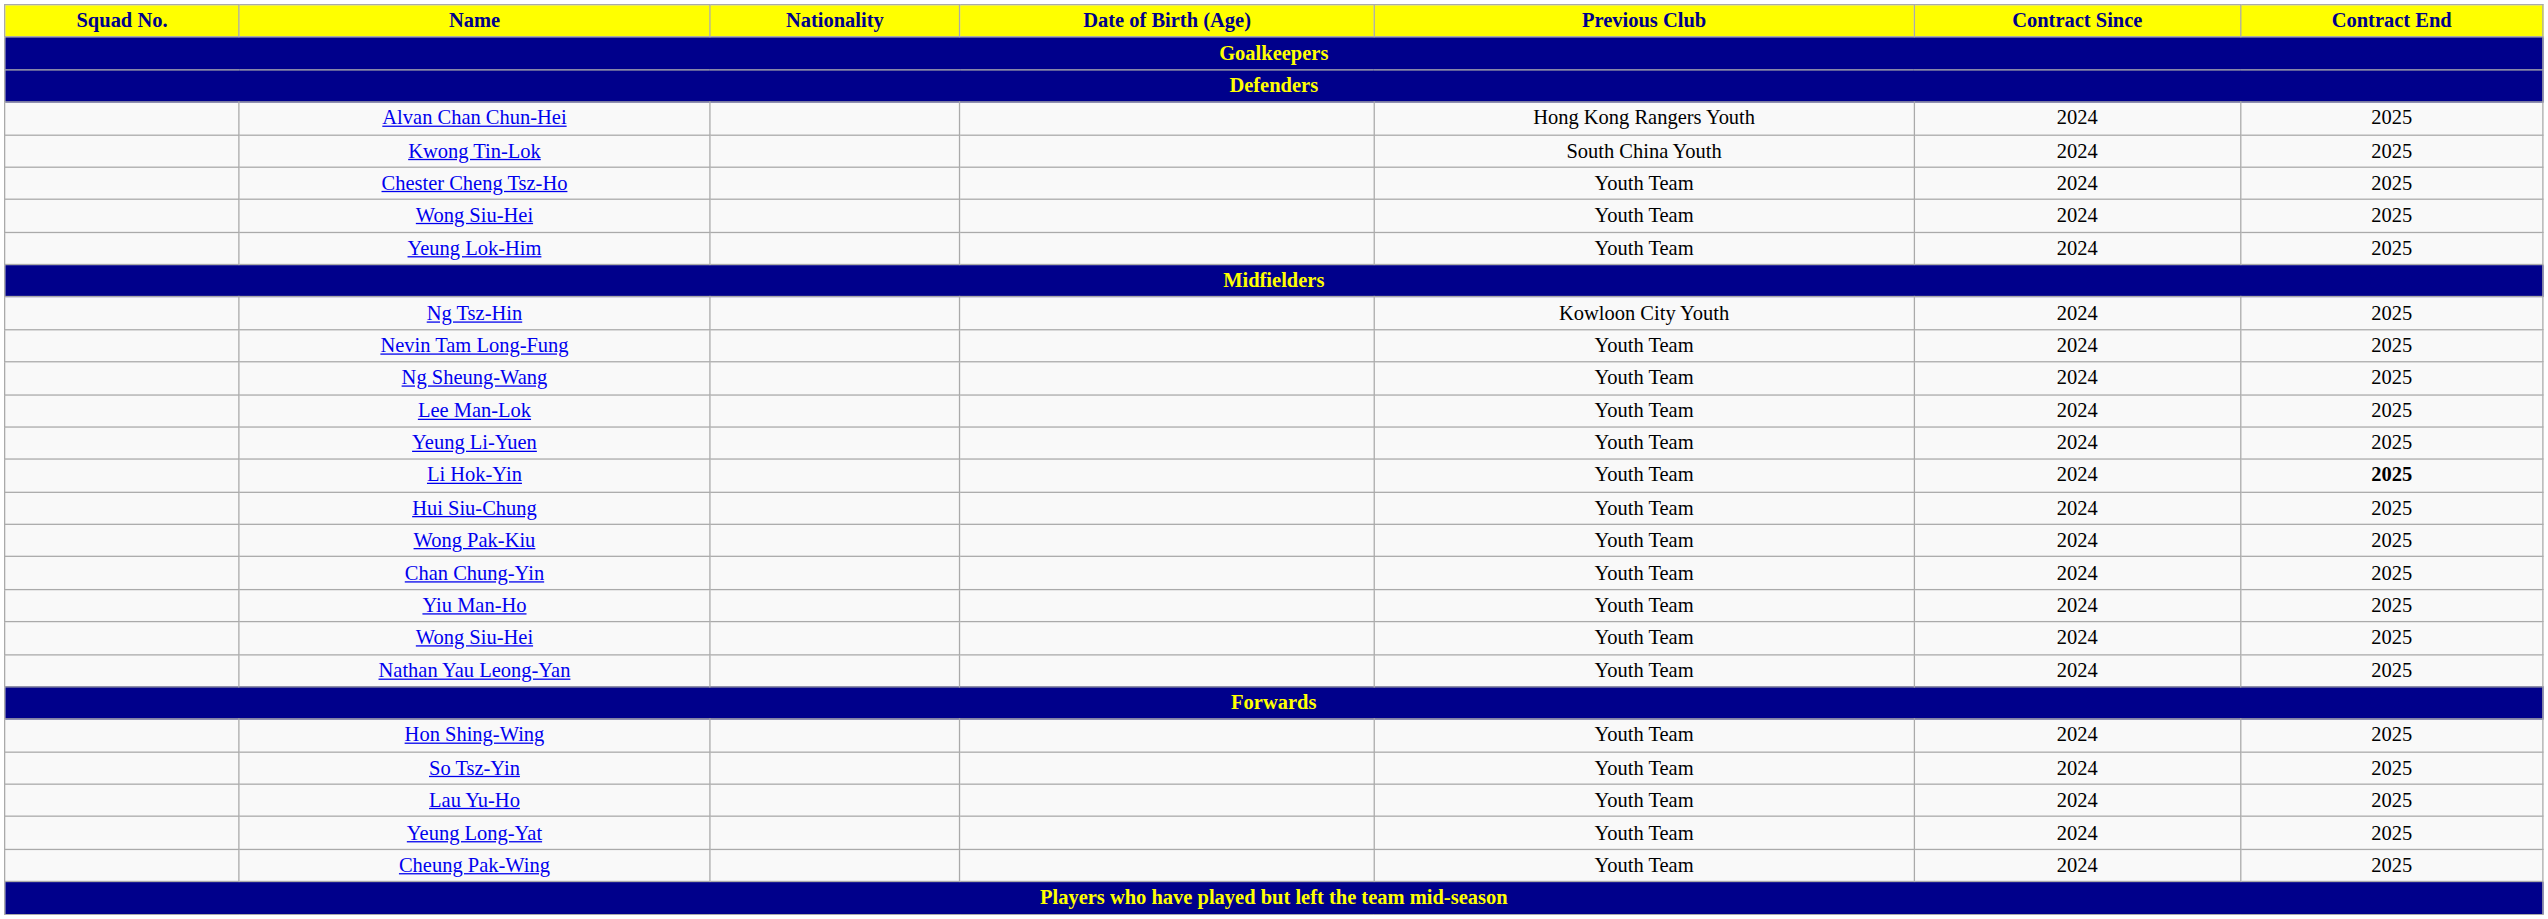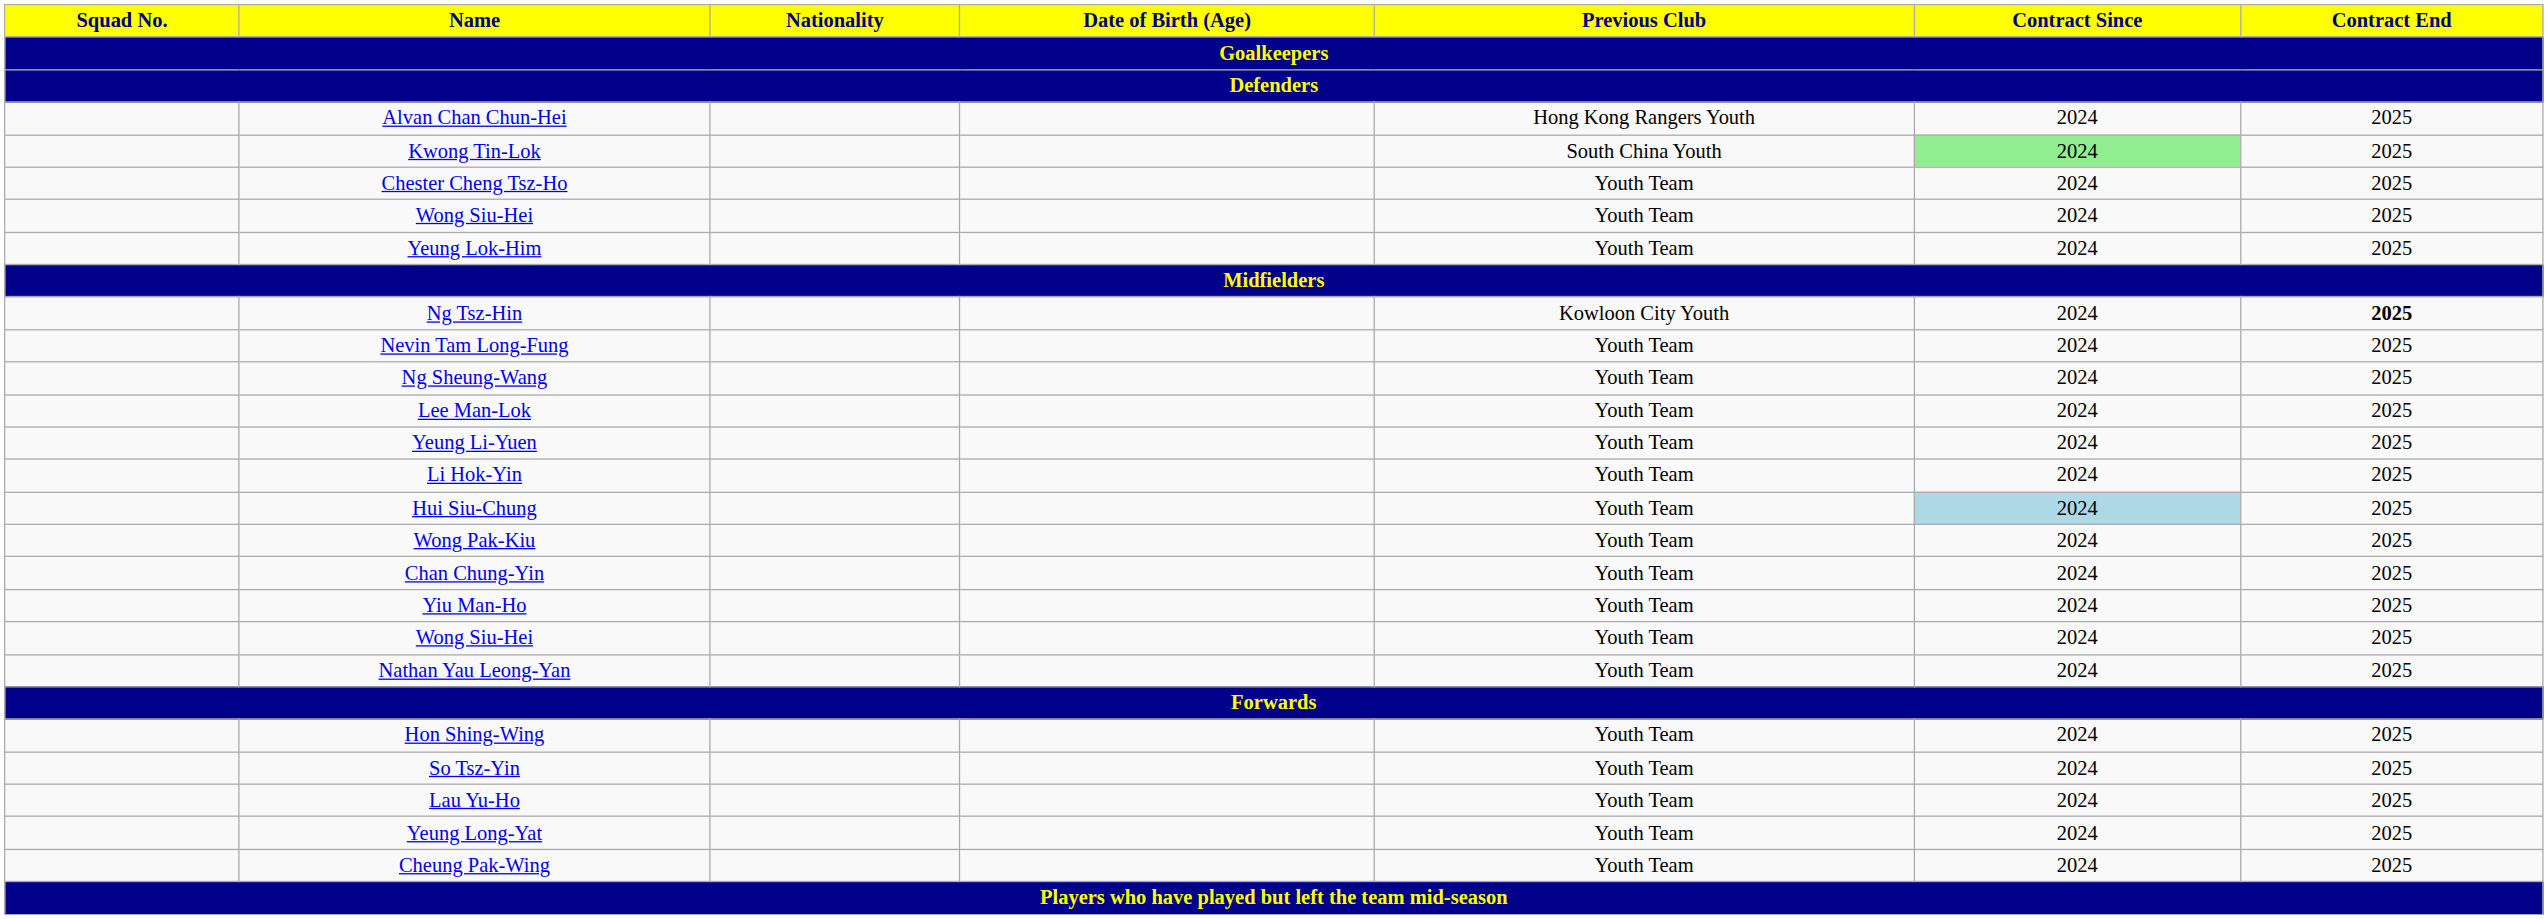 <table class="wikitable" style="text-align:center; font-size:100%; width:100%;">
 <tr>
 <th style="background:yellow; color:darkblue; text-align:center;">Squad No.</th>
 <th style="background:yellow; color:darkblue; text-align:center;">Name</th>
 <th style="background:yellow; color:darkblue; text-align:center;">Nationality</th>
 <th style="background:yellow; color:darkblue; text-align:center;">Date of Birth (Age)</th>
 <th style="background:yellow; color:darkblue; text-align:center;">Previous Club</th>
 <th style="background:yellow; color:darkblue; text-align:center;">Contract Since</th>
 <th style="background:yellow; color:darkblue; text-align:center;">Contract End</th>
 </tr>
 <tr>
 <th colspan="8" style="background:darkblue; color:yellow; text-align:center">Goalkeepers</th>
 </tr>
 <tr>
 <th colspan="8" style="background:darkblue; color:yellow; text-align:center">Defenders</th>
 </tr>
 <tr>
 <td></td>
 <td><a href='#'>Alvan Chan Chun-Hei</a></td>
 <td></td>
 <td></td>
 <td> Hong Kong Rangers Youth</td>
 <td>2024</td>
 <td>2025</td>
 </tr>
 <tr>
 <td></td>
 <td><a href='#'>Kwong Tin-Lok</a></td>
 <td></td>
 <td></td>
 <td> South China Youth</td>
-<td>2024</td>
+<td style="background: lightgreen;">2024</td>
 <td>2025</td>
 </tr>
 <tr>
 <td></td>
 <td><a href='#'>Chester Cheng Tsz-Ho</a></td>
 <td></td>
 <td></td>
 <td>Youth Team</td>
 <td>2024</td>
 <td>2025</td>
 </tr>
 <tr>
 <td></td>
 <td><a href='#'>Wong Siu-Hei</a></td>
 <td></td>
 <td></td>
 <td>Youth Team</td>
 <td>2024</td>
 <td>2025</td>
 </tr>
 <tr>
 <td></td>
 <td><a href='#'>Yeung Lok-Him</a></td>
 <td></td>
 <td></td>
 <td>Youth Team</td>
 <td>2024</td>
 <td>2025</td>
 </tr>
 <tr>
 <th colspan="8" style="background:darkblue; color:yellow; text-align:center">Midfielders</th>
 </tr>
 <tr>
 <td></td>
 <td><a href='#'>Ng Tsz-Hin</a></td>
 <td></td>
 <td></td>
 <td> Kowloon City Youth</td>
 <td>2024</td>
-<td>2025</td>
+<td><strong>2025</strong></td>
 </tr>
 <tr>
 <td></td>
 <td><a href='#'>Nevin Tam Long-Fung</a></td>
 <td></td>
 <td></td>
 <td>Youth Team</td>
 <td>2024</td>
 <td>2025</td>
 </tr>
 <tr>
 <td></td>
 <td><a href='#'>Ng Sheung-Wang</a></td>
 <td></td>
 <td></td>
 <td>Youth Team</td>
 <td>2024</td>
 <td>2025</td>
 </tr>
 <tr>
 <td></td>
 <td><a href='#'>Lee Man-Lok</a></td>
 <td></td>
 <td></td>
 <td>Youth Team</td>
 <td>2024</td>
 <td>2025</td>
 </tr>
 <tr>
 <td></td>
 <td><a href='#'>Yeung Li-Yuen</a></td>
 <td></td>
 <td></td>
 <td>Youth Team</td>
 <td>2024</td>
 <td>2025</td>
 </tr>
 <tr>
 <td></td>
 <td><a href='#'>Li Hok-Yin</a></td>
 <td></td>
 <td></td>
 <td>Youth Team</td>
 <td>2024</td>
-<td><strong>2025</strong></td>
+<td>2025</td>
 </tr>
 <tr>
 <td></td>
 <td><a href='#'>Hui Siu-Chung</a></td>
 <td></td>
 <td></td>
 <td>Youth Team</td>
-<td>2024</td>
+<td style="background: lightblue;">2024</td>
 <td>2025</td>
 </tr>
 <tr>
 <td></td>
 <td><a href='#'>Wong Pak-Kiu</a></td>
 <td></td>
 <td></td>
 <td>Youth Team</td>
 <td>2024</td>
 <td>2025</td>
 </tr>
 <tr>
 <td></td>
 <td><a href='#'>Chan Chung-Yin</a></td>
 <td></td>
 <td></td>
 <td>Youth Team</td>
 <td>2024</td>
 <td>2025</td>
 </tr>
 <tr>
 <td></td>
 <td><a href='#'>Yiu Man-Ho</a></td>
 <td></td>
 <td></td>
 <td>Youth Team</td>
 <td>2024</td>
 <td>2025</td>
 </tr>
 <tr>
 <td></td>
 <td><a href='#'>Wong Siu-Hei</a></td>
 <td></td>
 <td></td>
 <td>Youth Team</td>
 <td>2024</td>
 <td>2025</td>
 </tr>
 <tr>
 <td></td>
 <td><a href='#'>Nathan Yau Leong-Yan</a></td>
 <td></td>
 <td></td>
 <td>Youth Team</td>
 <td>2024</td>
 <td>2025</td>
 </tr>
 <tr>
 <th colspan="8" style="background:darkblue; color:yellow; text-align:center">Forwards</th>
 </tr>
 <tr>
 <td></td>
 <td><a href='#'>Hon Shing-Wing</a></td>
 <td></td>
 <td></td>
 <td>Youth Team</td>
 <td>2024</td>
 <td>2025</td>
 </tr>
 <tr>
 <td></td>
 <td><a href='#'>So Tsz-Yin</a></td>
 <td></td>
 <td></td>
 <td>Youth Team</td>
 <td>2024</td>
 <td>2025</td>
 </tr>
 <tr>
 <td></td>
 <td><a href='#'>Lau Yu-Ho</a></td>
 <td></td>
 <td></td>
 <td>Youth Team</td>
 <td>2024</td>
 <td>2025</td>
 </tr>
 <tr>
 <td></td>
 <td><a href='#'>Yeung Long-Yat</a></td>
 <td></td>
 <td></td>
 <td>Youth Team</td>
 <td>2024</td>
 <td>2025</td>
 </tr>
 <tr>
 <td></td>
 <td><a href='#'>Cheung Pak-Wing</a></td>
 <td></td>
 <td></td>
 <td>Youth Team</td>
 <td>2024</td>
 <td>2025</td>
 </tr>
 <tr>
 <th colspan="8" style="background:darkblue; color:yellow; text-align:center">Players who have played but left the team mid-season</th>
 </tr>
 <tr>
 </tr>
 </table>
